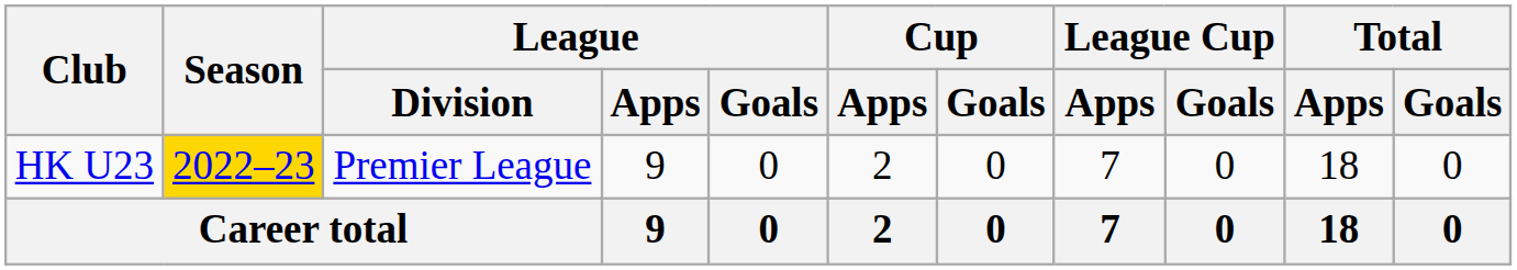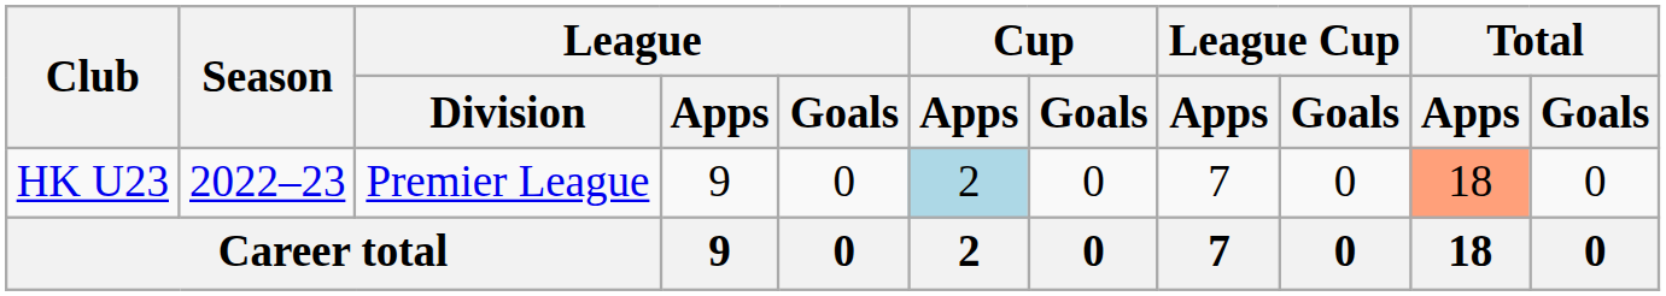 <table class="wikitable" style="text-align: center">
 <tr>
 <th rowspan="2">Club</th>
 <th rowspan="2">Season</th>
 <th colspan="3">League</th>
 <th colspan="2">Cup</th>
 <th colspan="2">League Cup</th>
 <th colspan="2">Total</th>
 </tr>
 <tr>
 <th>Division</th>
 <th>Apps</th>
 <th>Goals</th>
 <th>Apps</th>
 <th>Goals</th>
 <th>Apps</th>
 <th>Goals</th>
 <th>Apps</th>
 <th>Goals</th>
 </tr>
 <tr>
 <td><a href='#'>HK U23</a></td>
-<td style="background: gold;"><a href='#'>2022–23</a></td>
+<td><a href='#'>2022–23</a></td>
 <td><a href='#'>Premier League</a></td>
 <td>9</td>
 <td>0</td>
-<td>2</td>
+<td style="background: lightblue;">2</td>
 <td>0</td>
 <td>7</td>
 <td>0</td>
-<td>18</td>
+<td style="background: lightsalmon;">18</td>
 <td>0</td>
 </tr>
 <tr>
 <th colspan="3">Career total</th>
 <th>9</th>
 <th>0</th>
 <th>2</th>
 <th>0</th>
 <th>7</th>
 <th>0</th>
 <th>18</th>
 <th>0</th>
 </tr>
 </table>
